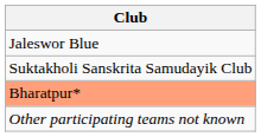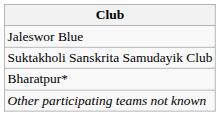 <table class="wikitable" border="1">
 <tr>
 <th>Club</th>
 </tr>
 <tr>
 <td>Jaleswor Blue</td>
 </tr>
 <tr>
 <td>Suktakholi Sanskrita Samudayik Club</td>
 </tr>
 <tr>
-<td style="background: lightsalmon;">Bharatpur*</td>
+<td>Bharatpur*</td>
 </tr>
 <tr>
 <td><em>Other participating teams not known</em></td>
 </tr>
 </table>
